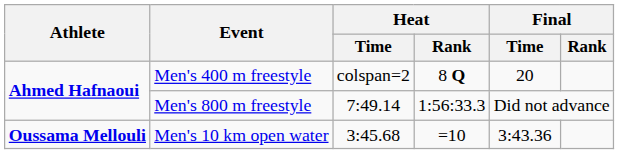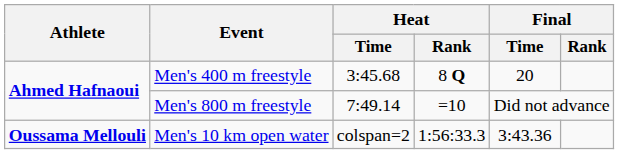 <table class=wikitable style="font-size:90%">
 <tr>
 <th rowspan="2">Athlete</th>
 <th rowspan="2">Event</th>
 <th colspan="2">Heat</th>
 <th colspan="2">Final</th>
 </tr>
 <tr style="font-size:95%">
 <th>Time</th>
 <th>Rank</th>
 <th>Time</th>
 <th>Rank</th>
 </tr>
 <tr align=center>
 <td align=left rowspan=2><strong><a href='#'>Ahmed Hafnaoui</a></strong></td>
 <td align=left><a href='#'>Men's 400 m freestyle</a></td>
-<td>colspan=2 </td>
+<td>3:45.68</td>
 <td>8 <strong>Q</strong></td>
 <td>20</td>
 <td></td>
 </tr>
 <tr align=center>
 <td align=left><a href='#'>Men's 800 m freestyle</a></td>
 <td>7:49.14</td>
-<td>1:56:33.3</td>
+<td>=10</td>
 <td colspan="2">Did not advance</td>
 </tr>
 <tr align=center>
 <td align=left><strong><a href='#'>Oussama Mellouli</a></strong></td>
 <td align=left><a href='#'>Men's 10 km open water</a></td>
-<td>3:45.68</td>
-<td>=10</td>
+<td>colspan=2 </td>
+<td>1:56:33.3</td>
 <td>3:43.36</td>
 </tr>
 </table>
